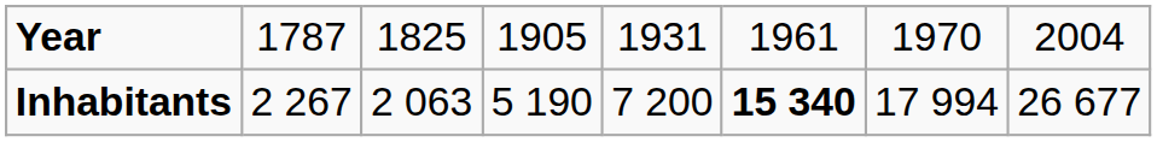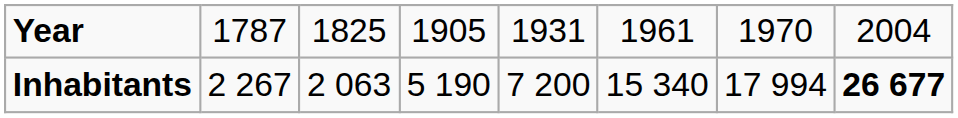 <table class="wikitable" style="text-align:center;">
 <tr>
 <td align=left><strong>Year</strong></td>
 <td>1787</td>
 <td>1825</td>
 <td>1905</td>
 <td>1931</td>
 <td>1961</td>
 <td>1970</td>
 <td>2004</td>
 </tr>
 <tr>
 <td align=left><strong>Inhabitants</strong></td>
 <td>2 267</td>
 <td>2 063</td>
 <td>5 190</td>
 <td>7 200</td>
-<td><strong>15 340</strong></td>
+<td>15 340</td>
 <td>17 994</td>
-<td>26 677</td>
+<td><strong>26 677</strong></td>
 </tr>
 </table>
